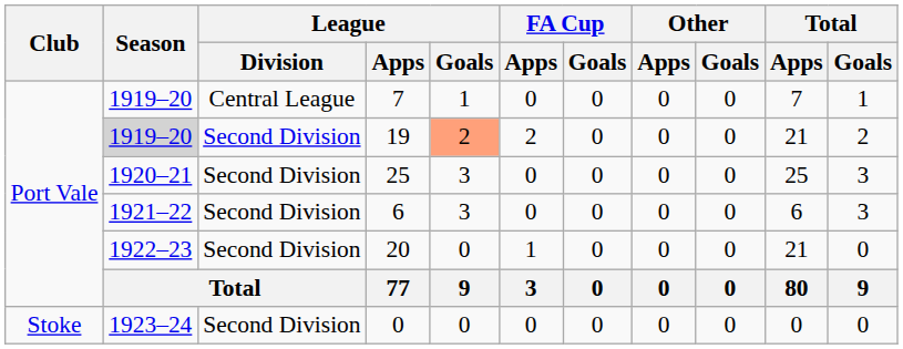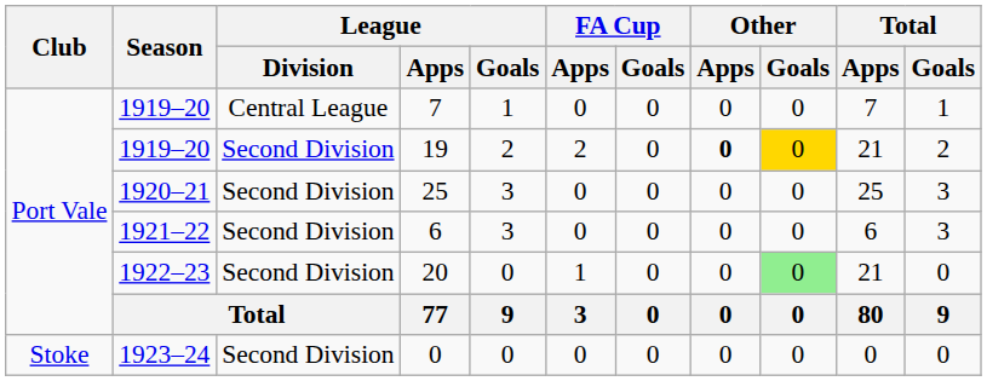 <table class="wikitable" style="text-align:center">
 <tr>
 <th rowspan="2">Club</th>
 <th rowspan="2">Season</th>
 <th colspan="3">League</th>
 <th colspan="2"><a href='#'>FA Cup</a></th>
 <th colspan="2">Other</th>
 <th colspan="2">Total</th>
 </tr>
 <tr>
 <th>Division</th>
 <th>Apps</th>
 <th>Goals</th>
 <th>Apps</th>
 <th>Goals</th>
 <th>Apps</th>
 <th>Goals</th>
 <th>Apps</th>
 <th>Goals</th>
 </tr>
 <tr>
 <td rowspan="6"><a href='#'>Port Vale</a></td>
 <td><a href='#'>1919–20</a></td>
 <td>Central League</td>
 <td>7</td>
 <td>1</td>
 <td>0</td>
 <td>0</td>
 <td>0</td>
 <td>0</td>
 <td>7</td>
 <td>1</td>
 </tr>
 <tr>
-<td style="background: lightgrey;"><a href='#'>1919–20</a></td>
+<td><a href='#'>1919–20</a></td>
 <td><a href='#'>Second Division</a></td>
 <td>19</td>
-<td style="background: lightsalmon;">2</td>
+<td>2</td>
 <td>2</td>
 <td>0</td>
-<td>0</td>
-<td>0</td>
+<td><strong>0</strong></td>
+<td style="background: gold;">0</td>
 <td>21</td>
 <td>2</td>
 </tr>
 <tr>
 <td><a href='#'>1920–21</a></td>
 <td>Second Division</td>
 <td>25</td>
 <td>3</td>
 <td>0</td>
 <td>0</td>
 <td>0</td>
 <td>0</td>
 <td>25</td>
 <td>3</td>
 </tr>
 <tr>
 <td><a href='#'>1921–22</a></td>
 <td>Second Division</td>
 <td>6</td>
 <td>3</td>
 <td>0</td>
 <td>0</td>
 <td>0</td>
 <td>0</td>
 <td>6</td>
 <td>3</td>
 </tr>
 <tr>
 <td><a href='#'>1922–23</a></td>
 <td>Second Division</td>
 <td>20</td>
 <td>0</td>
 <td>1</td>
 <td>0</td>
 <td>0</td>
-<td>0</td>
+<td style="background: lightgreen;">0</td>
 <td>21</td>
 <td>0</td>
 </tr>
 <tr>
 <th colspan="2">Total</th>
 <th>77</th>
 <th>9</th>
 <th>3</th>
 <th>0</th>
 <th>0</th>
 <th>0</th>
 <th>80</th>
 <th>9</th>
 </tr>
 <tr>
 <td><a href='#'>Stoke</a></td>
 <td><a href='#'>1923–24</a></td>
 <td>Second Division</td>
 <td>0</td>
 <td>0</td>
 <td>0</td>
 <td>0</td>
 <td>0</td>
 <td>0</td>
 <td>0</td>
 <td>0</td>
 </tr>
 </table>
